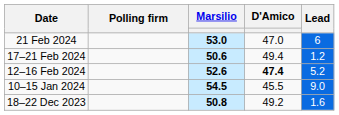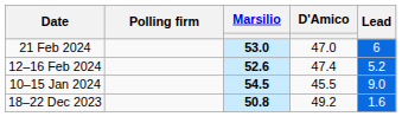 <table class="wikitable collapsible collapsed" style="text-align:center;font-size:85%;line-height:13px">
 <tr style="height:30px; background-color:#E9E9E9">
 <th style="width:100px;" rowspan="2">Date</th>
 <th style="width:120px;" rowspan="2">Polling firm</th>
 <th style="width:65px;"><a href='#'>Marsilio</a></th>
 <th style="width:65px;">D'Amico</th>
 <th style="width:35px;" rowspan="2">Lead</th>
 </tr>
 <tr>
 <th style="background:"></th>
 <th style="background:"></th>
 </tr>
 <tr>
 <td>21 Feb 2024</td>
 <td></td>
 <td style="background:#C8EBFF"><strong>53.0</strong></td>
 <td>47.0</td>
 <td style="background:#0A6BE1; color:white;">6</td>
 </tr>
 <tr>
-<td>17–21 Feb 2024</td>
-<td></td>
-<td style="background:#C8EBFF"><strong>50.6</strong></td>
-<td>49.4</td>
-<td style="background:#0A6BE1; color:white;">1.2</td>
-</tr>
-<tr>
 <td>12–16 Feb 2024</td>
 <td></td>
 <td style="background:#C8EBFF"><strong>52.6</strong></td>
-<td><strong>47.4</strong></td>
+<td>47.4</td>
 <td style="background:#0A6BE1; color:white;">5.2</td>
 </tr>
 <tr>
 <td>10–15 Jan 2024</td>
 <td></td>
 <td style="background:#C8EBFF"><strong>54.5</strong></td>
 <td>45.5</td>
 <td style="background:#0A6BE1; color:white;">9.0</td>
 </tr>
 <tr>
 <td>18–22 Dec 2023</td>
 <td></td>
 <td style="background:#C8EBFF"><strong>50.8</strong></td>
 <td>49.2</td>
 <td style="background:#0A6BE1; color:white;">1.6</td>
 </tr>
 </table>
